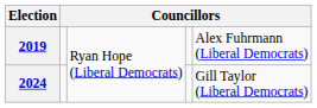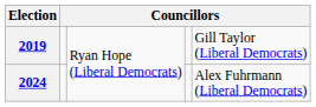 <table class="wikitable">
 <tr>
 <th>Election</th>
 <th colspan="4">Councillors</th>
 </tr>
 <tr>
 <th><a href='#'>2019</a></th>
 <td rowspan="1;" style="background-color: "></td>
 <td rowspan="2">Ryan Hope<br>(<a href='#'>Liberal Democrats</a>)</td>
 <td rowspan="1;" style="background-color: "></td>
-<td>Alex Fuhrmann<br>(<a href='#'>Liberal Democrats</a>)</td>
+<td>Gill Taylor<br>(<a href='#'>Liberal Democrats</a>)</td>
 </tr>
 <tr>
 <th><a href='#'>2024</a></th>
 <td rowspan="1;" style="background-color: "></td>
 <td rowspan="1;" style="background-color: "></td>
-<td>Gill Taylor<br>(<a href='#'>Liberal Democrats</a>)</td>
+<td>Alex Fuhrmann<br>(<a href='#'>Liberal Democrats</a>)</td>
 </tr>
 </table>
